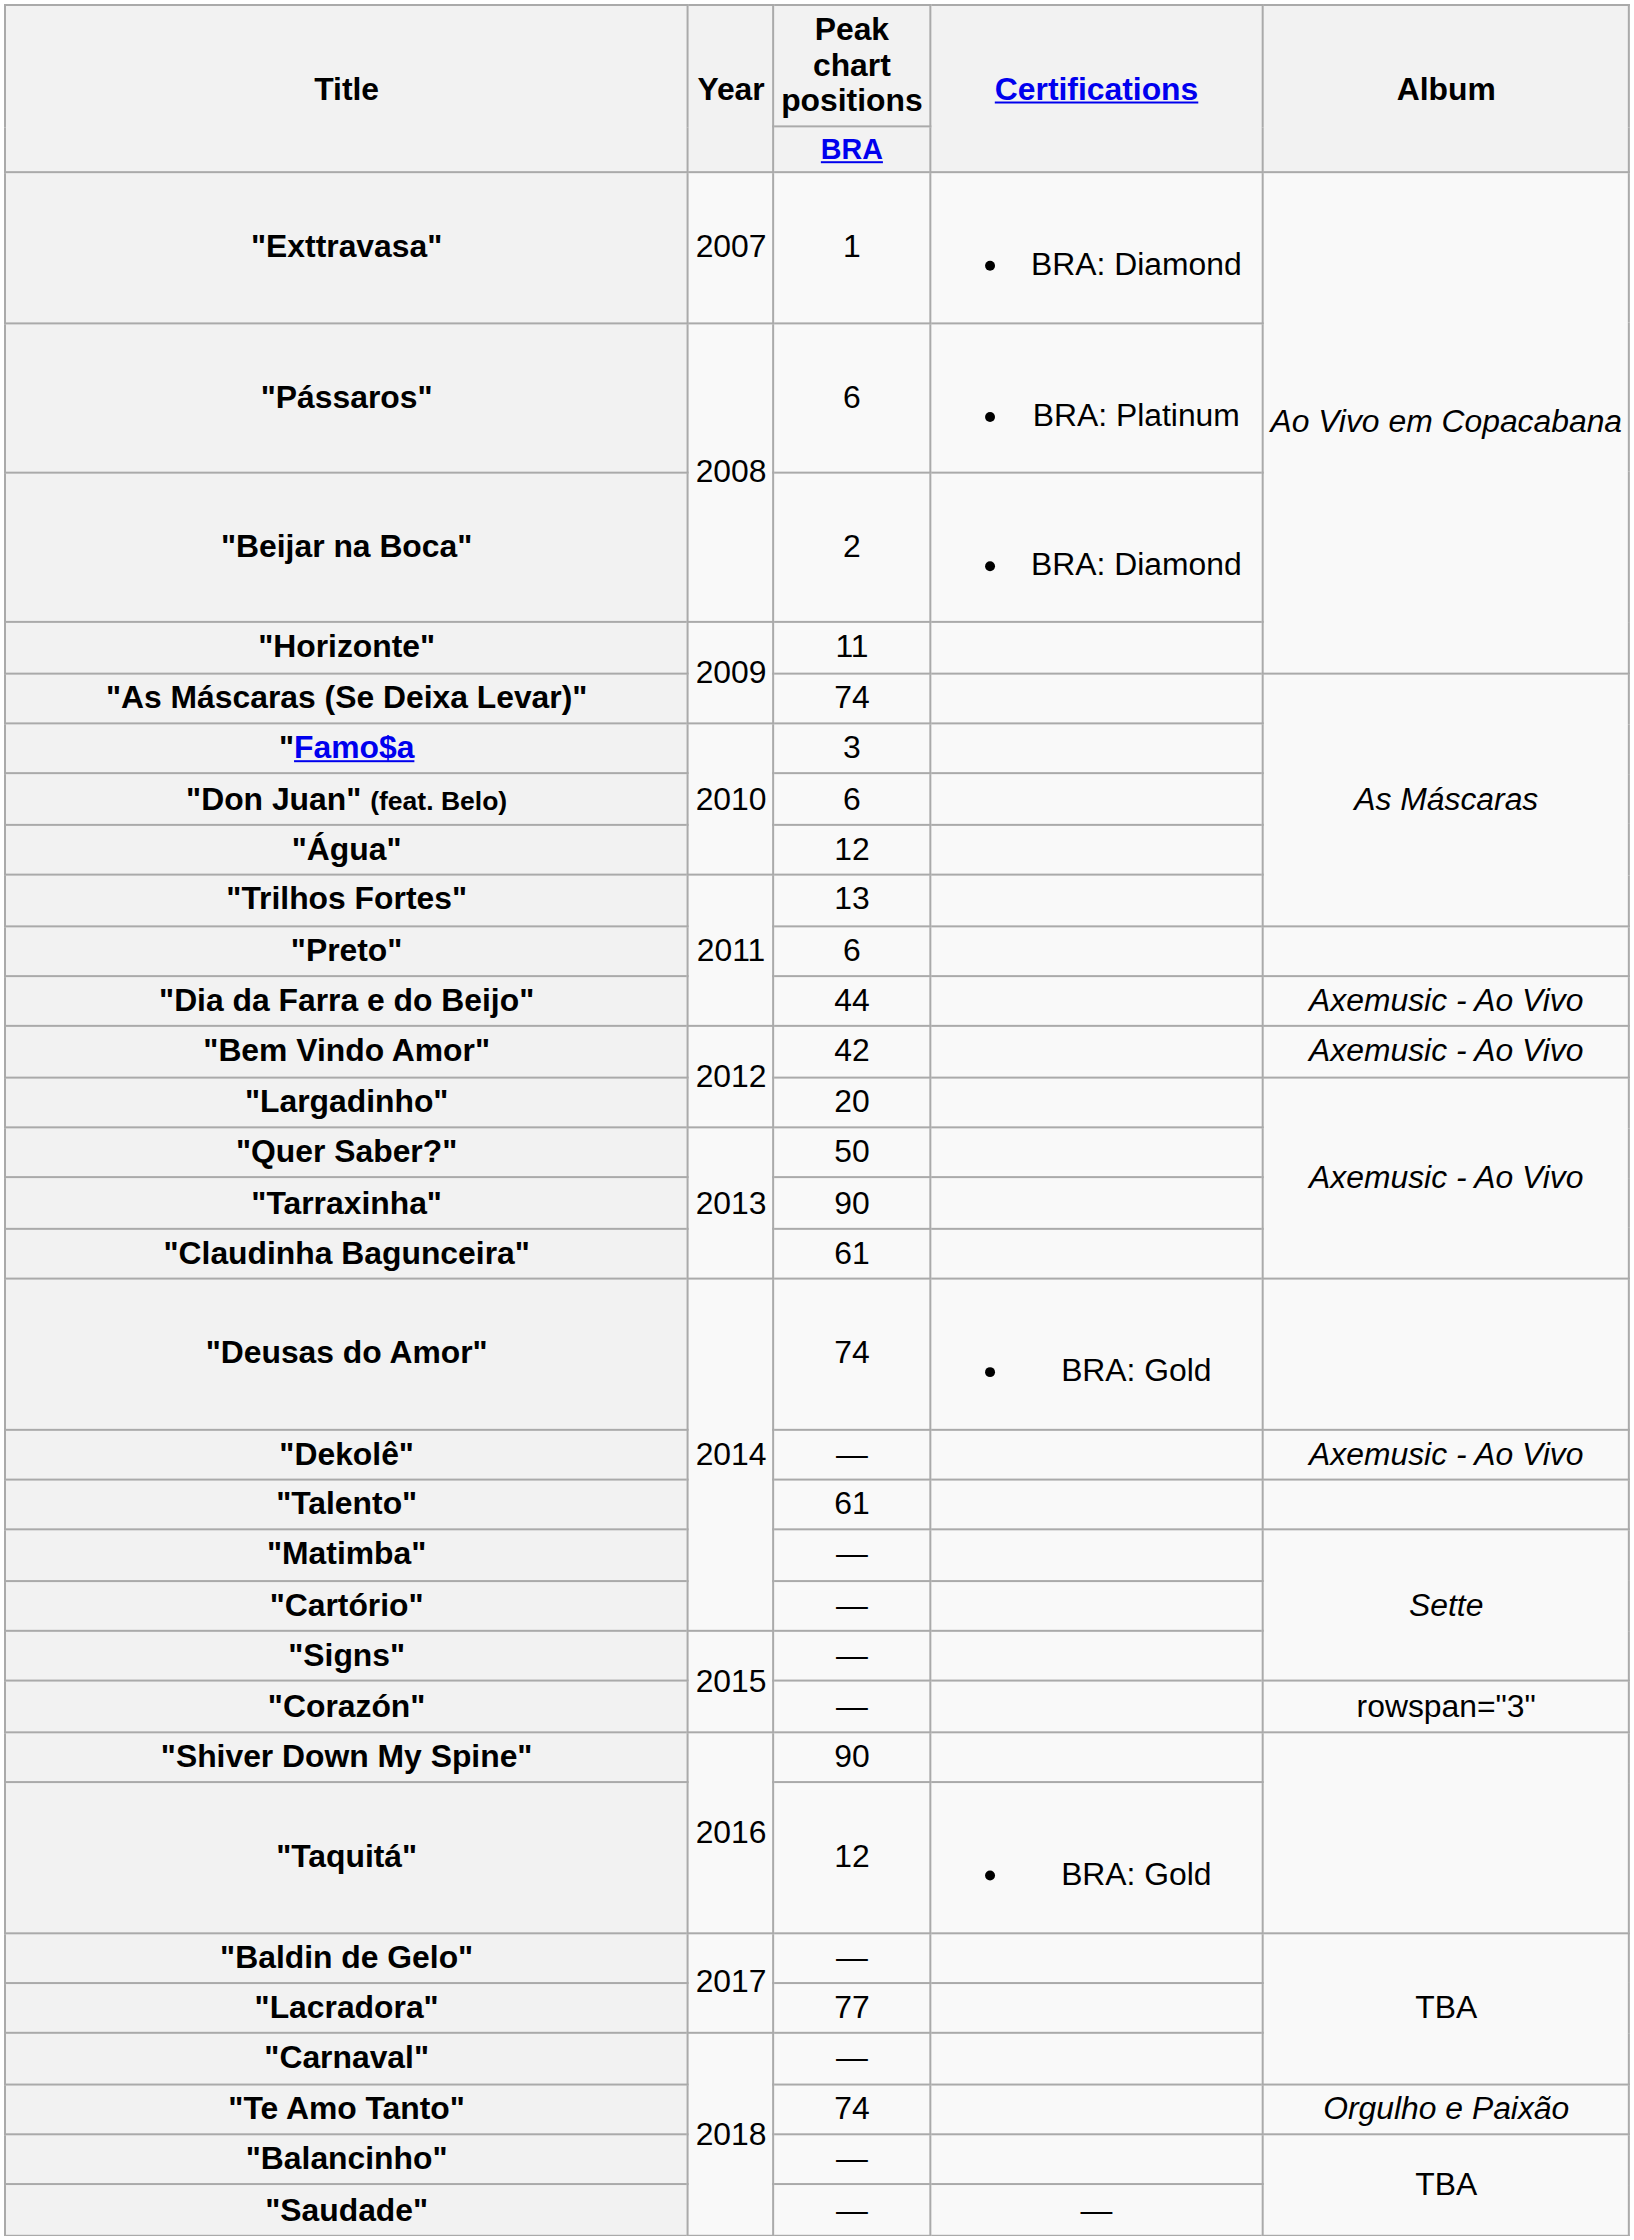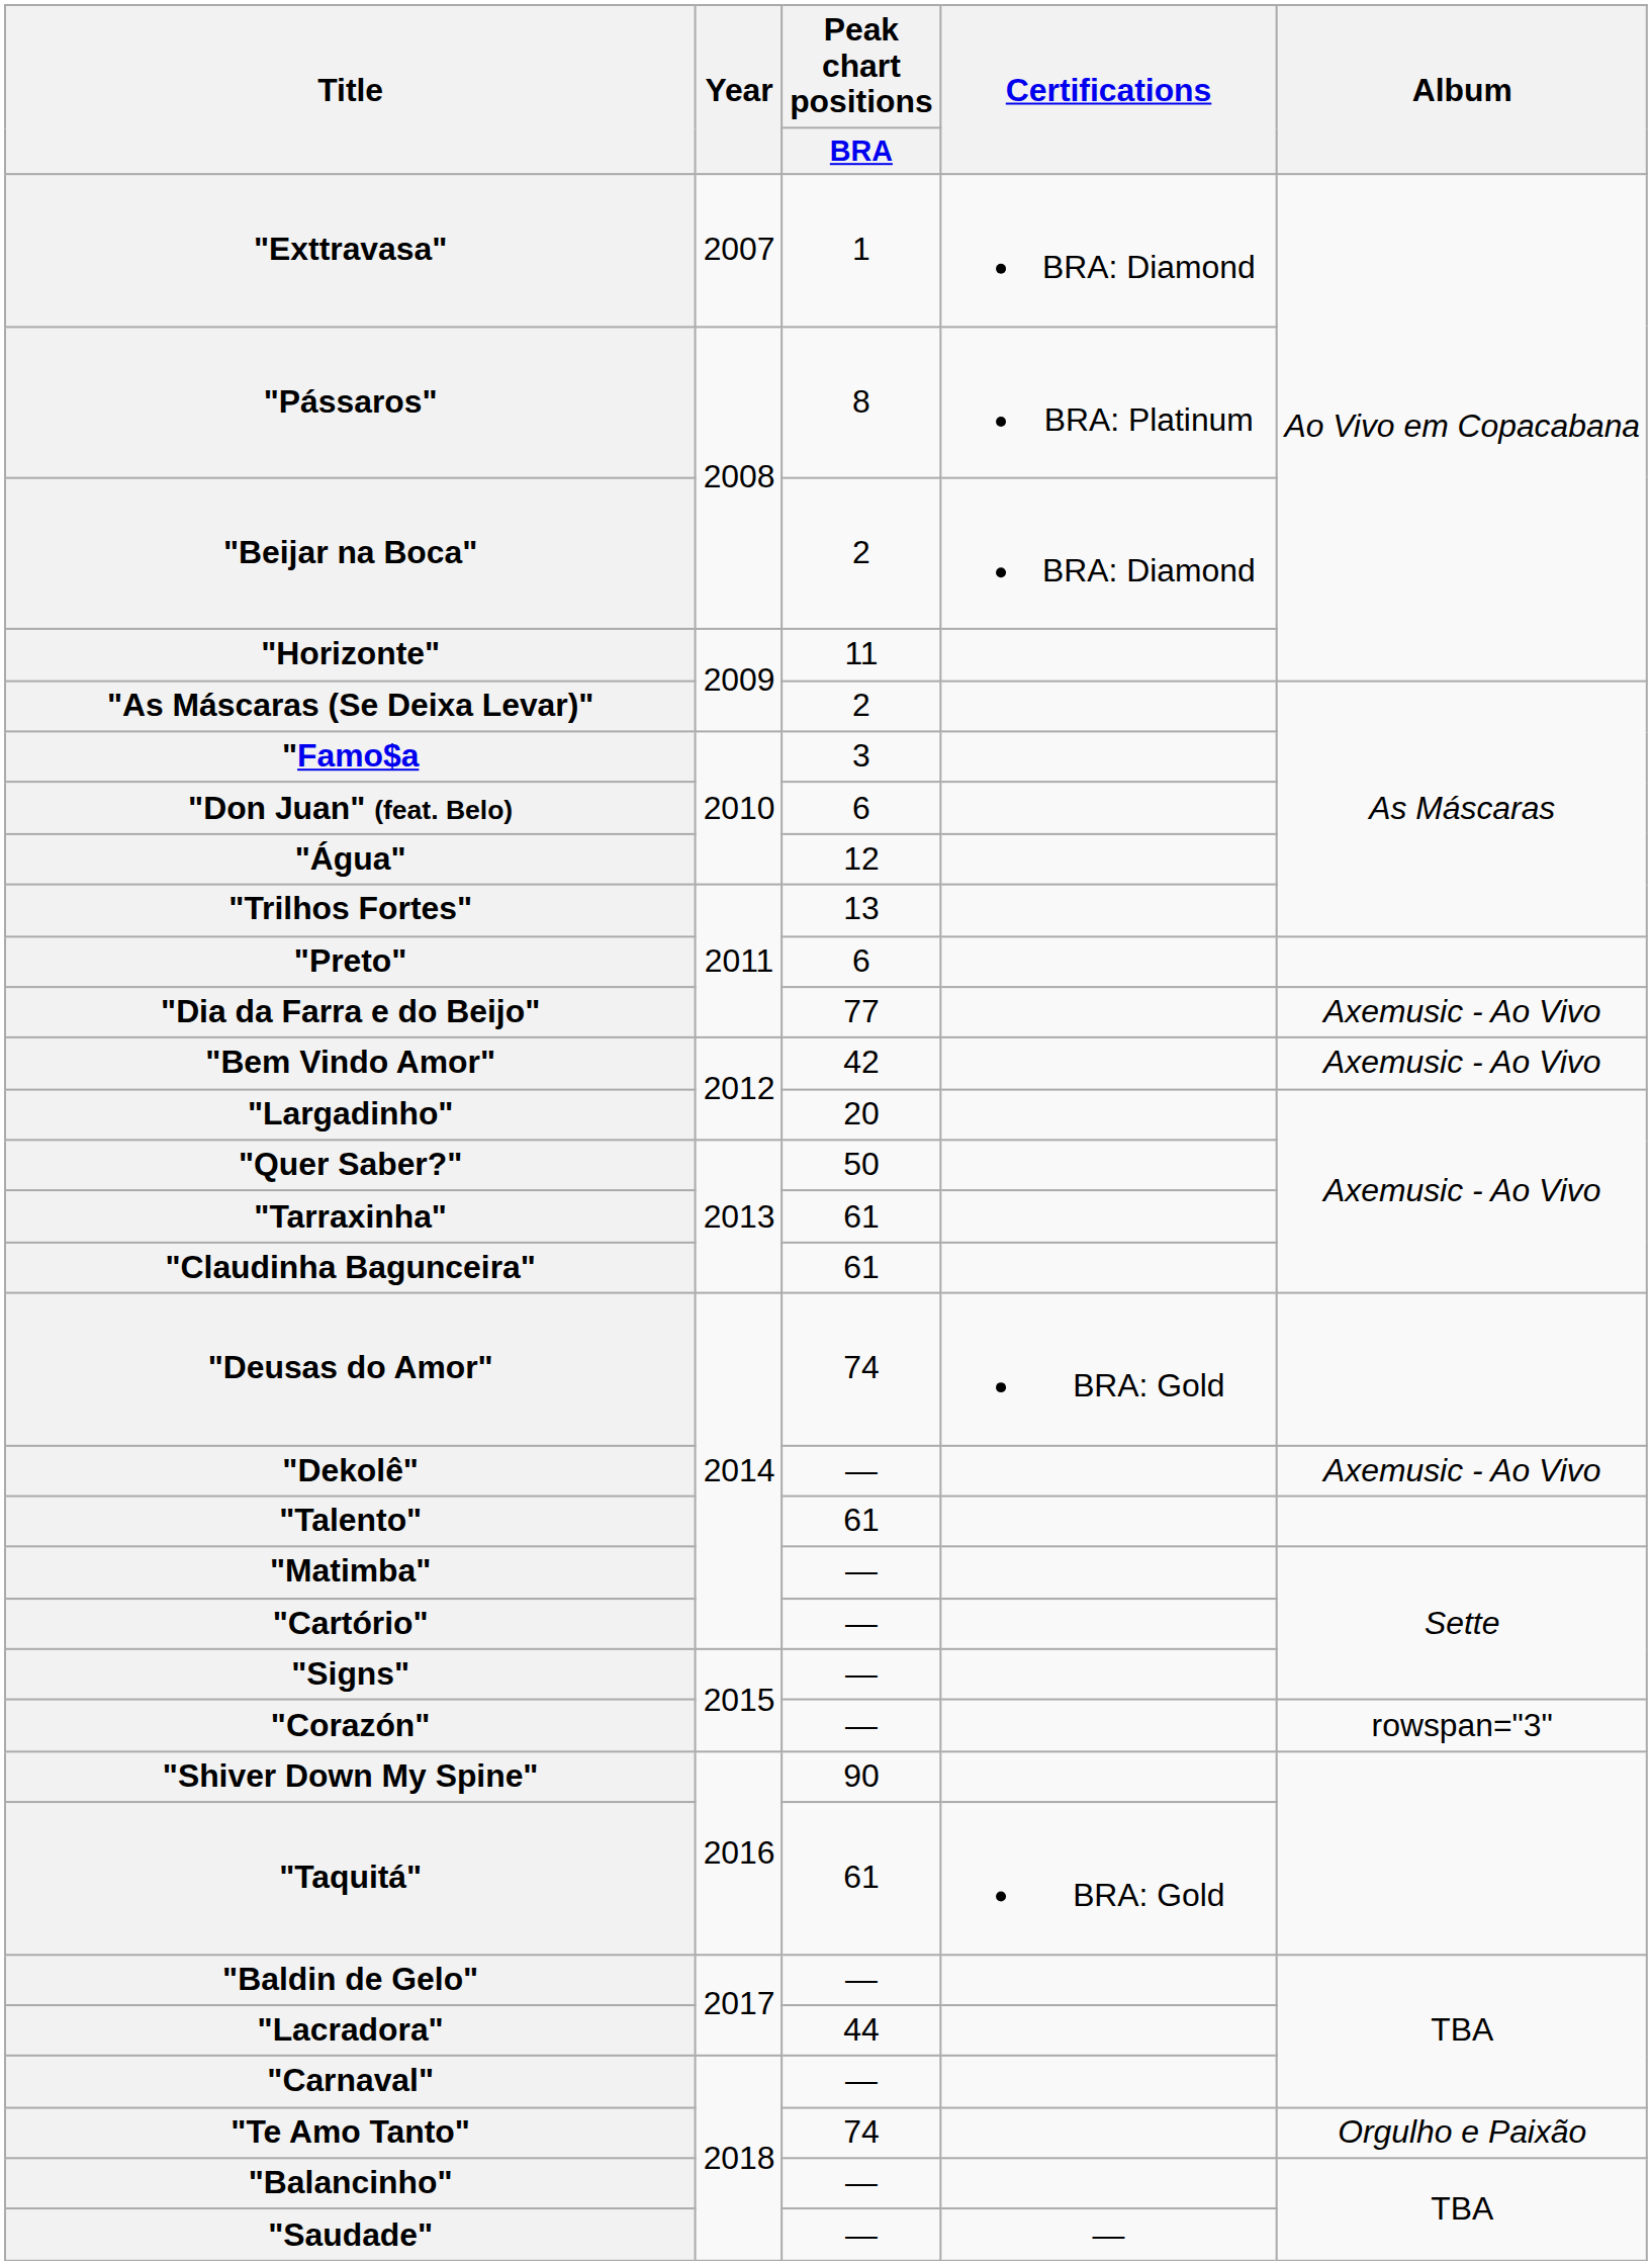 <table class="wikitable plainrowheaders" style="text-align:center;">
 <tr>
 <th scope="col" rowspan="2" style="width:21em;">Title</th>
 <th scope="col" rowspan="2">Year</th>
 <th scope="col" colspan="1">Peak chart positions</th>
 <th scope="col" rowspan="2" style="width:10em;"><a href='#'>Certifications</a></th>
 <th scope="col" rowspan="2">Album</th>
 </tr>
 <tr>
 <th scope="col" style="width:2.5em;font-size:90%;"><a href='#'>BRA</a></th>
 </tr>
 <tr>
 <th scope="row">"Exttravasa"<br></th>
 <td>2007</td>
 <td>1</td>
 <td><br><ul><li>BRA: Diamond</li></ul></td>
 <td rowspan=4><em>Ao Vivo em Copacabana</em></td>
 </tr>
 <tr>
 <th scope="row">"Pássaros"</th>
 <td rowspan="2">2008</td>
-<td>6</td>
+<td>8</td>
 <td><br><ul><li>BRA: Platinum</li></ul></td>
 </tr>
 <tr>
 <th scope="row">"Beijar na Boca"</th>
 <td>2</td>
 <td><br><ul><li>BRA: Diamond</li></ul></td>
 </tr>
 <tr>
 <th scope="row">"Horizonte"</th>
 <td rowspan="2">2009</td>
 <td>11</td>
 <td></td>
 </tr>
 <tr>
 <th scope="row">"As Máscaras (Se Deixa Levar)"</th>
-<td>74</td>
+<td>2</td>
 <td></td>
 <td align="center" rowspan="5"><em>As Máscaras</em></td>
 </tr>
 <tr>
 <th scope="row">"<a href='#'>Famo$a</a><br></th>
 <td rowspan="3">2010</td>
 <td>3</td>
 <td></td>
 </tr>
 <tr>
 <th scope="row">"Don Juan" <small>(feat. Belo)</small></th>
 <td>6</td>
 <td></td>
 </tr>
 <tr>
 <th scope="row">"Água"</th>
 <td>12</td>
 <td></td>
 </tr>
 <tr>
 <th scope="row">"Trilhos Fortes"</th>
 <td rowspan="3">2011</td>
 <td>13</td>
 <td></td>
 </tr>
 <tr>
 <th scope="row">"Preto"</th>
 <td>6</td>
 <td></td>
 <td></td>
 </tr>
 <tr>
 <th scope="row">"Dia da Farra e do Beijo"</th>
-<td>44</td>
+<td>77</td>
 <td></td>
 <td align="center" rowspan="1"><em>Axemusic - Ao Vivo</em></td>
 </tr>
 <tr>
 <th scope="row">"Bem Vindo Amor"</th>
 <td rowspan="2">2012</td>
 <td>42</td>
 <td></td>
 <td align="center" rowspan="1"><em>Axemusic - Ao Vivo</em></td>
 </tr>
 <tr>
 <th scope="row">"Largadinho"</th>
 <td>20</td>
 <td></td>
 <td align="center" rowspan="4"><em>Axemusic - Ao Vivo</em></td>
 </tr>
 <tr>
 <th scope="row">"Quer Saber?"<br></th>
 <td rowspan="3">2013</td>
 <td>50</td>
 <td></td>
 </tr>
 <tr>
 <th scope="row">"Tarraxinha"<br></th>
-<td>90</td>
+<td>61</td>
 <td></td>
 </tr>
 <tr>
 <th scope="row">"Claudinha Bagunceira"</th>
 <td>61</td>
 <td></td>
 </tr>
 <tr>
 <th scope="row">"Deusas do Amor"<br></th>
 <td rowspan="5">2014</td>
 <td>74</td>
 <td><br><ul><li>BRA: Gold</li></ul></td>
 <td></td>
 </tr>
 <tr>
 <th scope="row">"Dekolê"<br></th>
 <td>—</td>
 <td></td>
 <td align="center" rowspan="1"><em>Axemusic - Ao Vivo</em></td>
 </tr>
 <tr>
 <th scope="row">"Talento"<br></th>
 <td>61</td>
 <td></td>
 <td></td>
 </tr>
 <tr>
 <th scope="row">"Matimba"</th>
 <td>—</td>
 <td></td>
 <td align="center" rowspan="3"><em>Sette</em></td>
 </tr>
 <tr>
 <th scope="row">"Cartório"<br></th>
 <td>—</td>
 <td></td>
 </tr>
 <tr>
 <th scope="row">"Signs"</th>
 <td rowspan="2">2015</td>
 <td>—</td>
 <td></td>
 </tr>
 <tr>
 <th scope="row">"Corazón"<br></th>
 <td>—</td>
 <td></td>
 <td>rowspan="3" </td>
 </tr>
 <tr>
 <th scope="row">"Shiver Down My Spine"<br></th>
 <td rowspan="2">2016</td>
 <td>90</td>
 <td></td>
 </tr>
 <tr>
 <th scope="row">"Taquitá"</th>
-<td>12</td>
+<td>61</td>
 <td><br><ul><li>BRA: Gold</li></ul></td>
 </tr>
 <tr>
 <th scope="row">"Baldin de Gelo"</th>
 <td rowspan="2">2017</td>
 <td>—</td>
 <td></td>
 <td rowspan="3">TBA</td>
 </tr>
 <tr>
 <th scope="row">"Lacradora"<br></th>
-<td>77</td>
+<td>44</td>
 <td></td>
 </tr>
 <tr>
 <th scope="row">"Carnaval"<br></th>
 <td rowspan="4">2018</td>
 <td>—</td>
 <td></td>
 </tr>
 <tr>
 <th scope="row">"Te Amo Tanto"<br></th>
 <td>74</td>
 <td></td>
 <td rowspan="1"><em>Orgulho e Paixão</em></td>
 </tr>
 <tr>
 <th scope="row">"Balancinho"</th>
 <td>—</td>
 <td></td>
 <td rowspan="2">TBA</td>
 </tr>
 <tr>
 <th scope="row">"Saudade"<br></th>
 <td>—</td>
 <td>—</td>
 </tr>
 </table>
